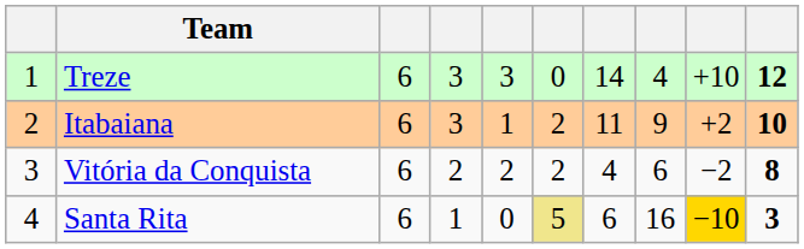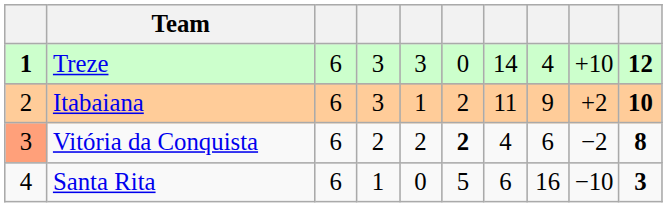 <table class="wikitable" style="text-align: center;">
 <tr>
 <th width=20></th>
 <th width=165>Team</th>
 <th width=20></th>
 <th width=20></th>
 <th width=20></th>
 <th width=20></th>
 <th width=20></th>
 <th width=20></th>
 <th width=20></th>
 <th width=20></th>
 </tr>
 <tr bgcolor=#ccffcc>
-<td>1</td>
+<td><strong>1</strong></td>
 <td align=left> <a href='#'>Treze</a></td>
 <td>6</td>
 <td>3</td>
 <td>3</td>
 <td>0</td>
 <td>14</td>
 <td>4</td>
 <td>+10</td>
 <td><strong>12</strong></td>
 </tr>
 <tr bgcolor=#ffcc99>
 <td>2</td>
 <td align=left> <a href='#'>Itabaiana</a></td>
 <td>6</td>
 <td>3</td>
 <td>1</td>
 <td>2</td>
 <td>11</td>
 <td>9</td>
 <td>+2</td>
 <td><strong>10</strong></td>
 </tr>
 <tr>
-<td>3</td>
+<td style="background: lightsalmon;">3</td>
 <td align=left> <a href='#'>Vitória da Conquista</a></td>
 <td>6</td>
 <td>2</td>
 <td>2</td>
-<td>2</td>
+<td><strong>2</strong></td>
 <td>4</td>
 <td>6</td>
 <td>−2</td>
 <td><strong>8</strong></td>
 </tr>
 <tr>
 <td>4</td>
 <td align=left> <a href='#'>Santa Rita</a></td>
 <td>6</td>
 <td>1</td>
 <td>0</td>
-<td style="background: khaki;">5</td>
+<td>5</td>
 <td>6</td>
 <td>16</td>
-<td style="background: gold;">−10</td>
+<td>−10</td>
 <td><strong>3</strong></td>
 </tr>
 </table>
